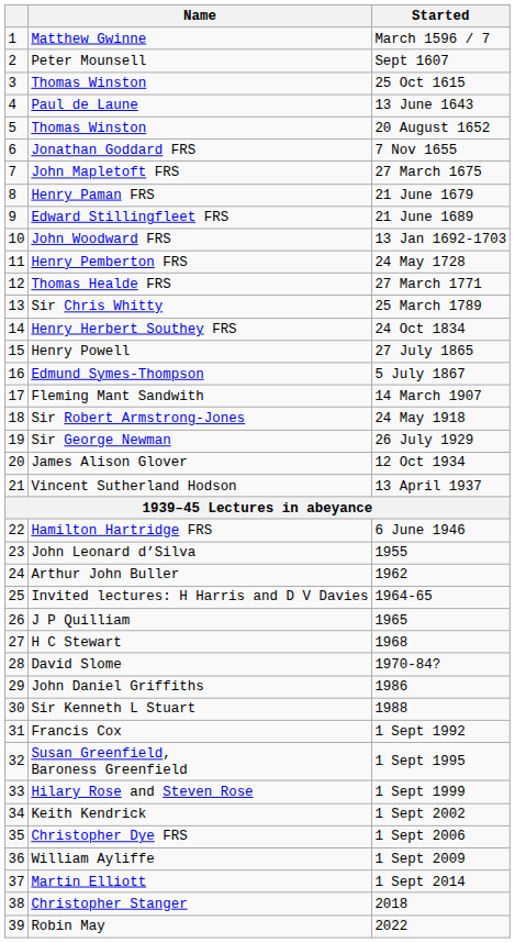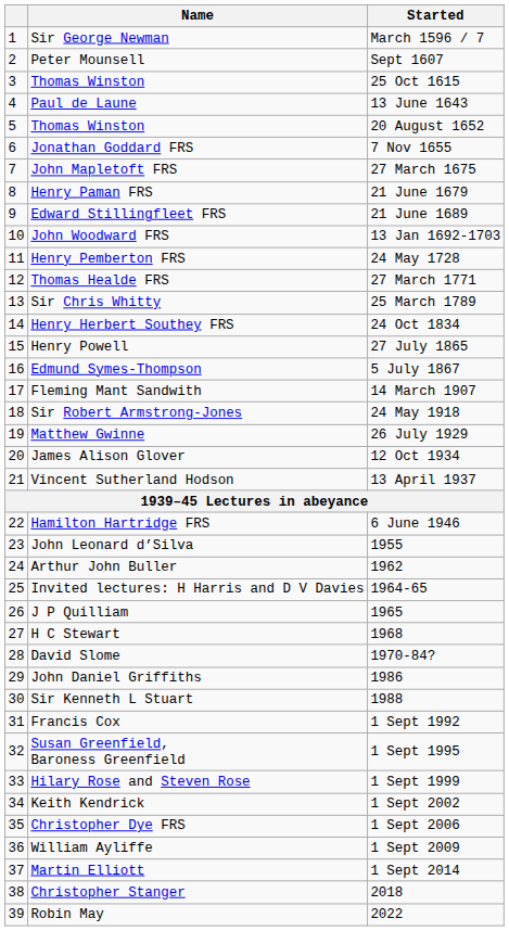 <table class= "wikitable">
 <tr>
 <th></th>
 <th>Name</th>
 <th>Started</th>
 </tr>
 <tr>
 <td>1</td>
-<td><a href='#'>Matthew Gwinne</a></td>
+<td>Sir <a href='#'>George Newman</a></td>
 <td>March 1596 / 7</td>
 </tr>
 <tr>
 <td>2</td>
 <td>Peter Mounsell</td>
 <td>Sept 1607</td>
 </tr>
 <tr>
 <td>3</td>
 <td><a href='#'>Thomas Winston</a></td>
 <td>25 Oct 1615</td>
 </tr>
 <tr>
 <td>4</td>
 <td><a href='#'>Paul de Laune</a></td>
 <td>13 June 1643</td>
 </tr>
 <tr>
 <td>5</td>
 <td><a href='#'>Thomas Winston</a></td>
 <td>20 August 1652</td>
 </tr>
 <tr>
 <td>6</td>
 <td><a href='#'>Jonathan Goddard</a> FRS</td>
 <td>7 Nov 1655</td>
 </tr>
 <tr>
 <td>7</td>
 <td><a href='#'>John Mapletoft</a> FRS</td>
 <td>27 March 1675</td>
 </tr>
 <tr>
 <td>8</td>
 <td><a href='#'>Henry Paman</a> FRS</td>
 <td>21 June 1679</td>
 </tr>
 <tr>
 <td>9</td>
 <td><a href='#'>Edward Stillingfleet</a> FRS</td>
 <td>21 June 1689</td>
 </tr>
 <tr>
 <td>10</td>
 <td><a href='#'>John Woodward</a> FRS</td>
 <td>13 Jan 1692-1703</td>
 </tr>
 <tr>
 <td>11</td>
 <td><a href='#'>Henry Pemberton</a> FRS</td>
 <td>24 May 1728</td>
 </tr>
 <tr>
 <td>12</td>
 <td><a href='#'>Thomas Healde</a> FRS</td>
 <td>27 March 1771</td>
 </tr>
 <tr>
 <td>13</td>
 <td>Sir <a href='#'>Chris Whitty</a></td>
 <td>25 March 1789</td>
 </tr>
 <tr>
 <td>14</td>
 <td><a href='#'>Henry Herbert Southey</a> FRS</td>
 <td>24 Oct 1834</td>
 </tr>
 <tr>
 <td>15</td>
 <td>Henry Powell</td>
 <td>27 July 1865</td>
 </tr>
 <tr>
 <td>16</td>
 <td><a href='#'>Edmund Symes-Thompson</a></td>
 <td>5 July 1867</td>
 </tr>
 <tr>
 <td>17</td>
 <td>Fleming Mant Sandwith</td>
 <td>14 March 1907</td>
 </tr>
 <tr>
 <td>18</td>
 <td>Sir <a href='#'>Robert Armstrong-Jones</a></td>
 <td>24 May 1918</td>
 </tr>
 <tr>
 <td>19</td>
-<td>Sir <a href='#'>George Newman</a></td>
+<td><a href='#'>Matthew Gwinne</a></td>
 <td>26 July 1929</td>
 </tr>
 <tr>
 <td>20</td>
 <td>James Alison Glover</td>
 <td>12 Oct 1934</td>
 </tr>
 <tr>
 <td>21</td>
 <td>Vincent Sutherland Hodson</td>
 <td>13 April 1937</td>
 </tr>
 <tr>
 <th colspan = 3>1939–45 Lectures in abeyance</th>
 </tr>
 <tr>
 <td>22</td>
 <td><a href='#'>Hamilton Hartridge</a> FRS</td>
 <td>6 June 1946</td>
 </tr>
 <tr>
 <td>23</td>
 <td>John Leonard d’Silva</td>
 <td>1955</td>
 </tr>
 <tr>
 <td>24</td>
 <td>Arthur John Buller</td>
 <td>1962</td>
 </tr>
 <tr>
 <td>25</td>
 <td>Invited lectures: H Harris and D V Davies</td>
 <td>1964-65</td>
 </tr>
 <tr>
 <td>26</td>
 <td>J P Quilliam</td>
 <td>1965</td>
 </tr>
 <tr>
 <td>27</td>
 <td>H C Stewart</td>
 <td>1968</td>
 </tr>
 <tr>
 <td>28</td>
 <td>David Slome</td>
 <td>1970-84?</td>
 </tr>
 <tr>
 <td>29</td>
 <td>John Daniel Griffiths</td>
 <td>1986</td>
 </tr>
 <tr>
 <td>30</td>
 <td>Sir Kenneth L Stuart</td>
 <td>1988</td>
 </tr>
 <tr>
 <td>31</td>
 <td>Francis Cox</td>
 <td>1 Sept 1992</td>
 </tr>
 <tr>
 <td>32</td>
 <td><a href='#'>Susan Greenfield</a>, <br>Baroness Greenfield</td>
 <td>1 Sept 1995</td>
 </tr>
 <tr>
 <td>33</td>
 <td><a href='#'>Hilary Rose</a> and <a href='#'>Steven Rose</a></td>
 <td>1 Sept 1999</td>
 </tr>
 <tr>
 <td>34</td>
 <td>Keith Kendrick</td>
 <td>1 Sept 2002</td>
 </tr>
 <tr>
 <td>35</td>
 <td><a href='#'>Christopher Dye</a> FRS</td>
 <td>1 Sept 2006</td>
 </tr>
 <tr>
 <td>36</td>
 <td>William Ayliffe</td>
 <td>1 Sept 2009</td>
 </tr>
 <tr>
 <td>37</td>
 <td><a href='#'>Martin Elliott</a></td>
 <td>1 Sept 2014</td>
 </tr>
 <tr>
 <td>38</td>
 <td><a href='#'>Christopher Stanger</a></td>
 <td>2018</td>
 </tr>
 <tr>
 <td>39</td>
 <td>Robin May</td>
 <td>2022</td>
 </tr>
 </table>
